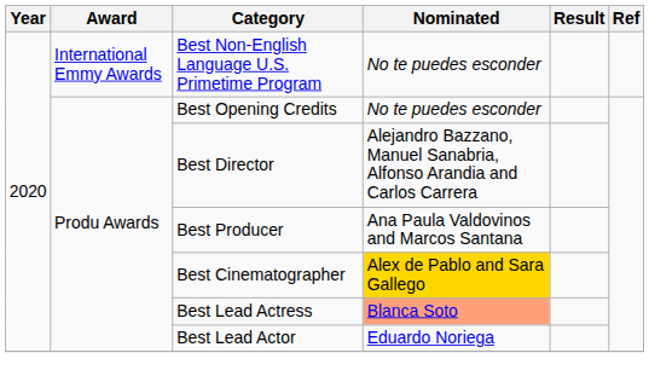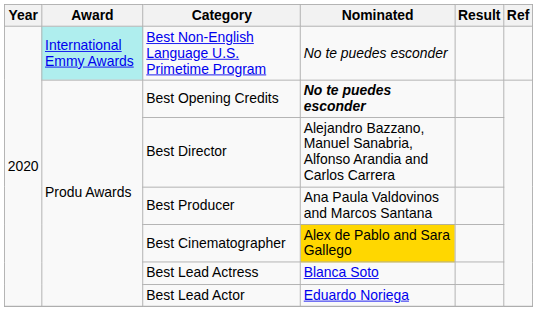 <table class="wikitable plainrowheaders">
 <tr>
 <th scope="col">Year</th>
 <th scope="col">Award</th>
 <th scope="col">Category</th>
 <th scope="col">Nominated</th>
 <th scope="col">Result</th>
 <th scope="col">Ref</th>
 </tr>
 <tr>
 <td rowspan="7">2020</td>
-<td><a href='#'>International Emmy Awards</a></td>
+<td style="background: paleturquoise;"><a href='#'>International Emmy Awards</a></td>
 <td><a href='#'>Best Non-English Language U.S. Primetime Program</a></td>
 <td><em>No te puedes esconder</em></td>
 <td></td>
 <td align="center"></td>
 </tr>
 <tr>
 <td rowspan="6">Produ Awards</td>
 <td>Best Opening Credits</td>
-<td><em>No te puedes esconder</em></td>
+<td><strong><em>No te puedes esconder</em></strong></td>
 <td></td>
 <td align="center" rowspan="6"></td>
 </tr>
 <tr>
 <td>Best Director</td>
 <td>Alejandro Bazzano, Manuel Sanabria, Alfonso Arandia and Carlos Carrera</td>
 <td></td>
 </tr>
 <tr>
 <td>Best Producer</td>
 <td>Ana Paula Valdovinos and Marcos Santana</td>
 <td></td>
 </tr>
 <tr>
 <td>Best Cinematographer</td>
 <td style="background: gold;">Alex de Pablo and Sara Gallego</td>
 <td></td>
 </tr>
 <tr>
 <td>Best Lead Actress</td>
-<td style="background: lightsalmon;"><a href='#'>Blanca Soto</a></td>
+<td><a href='#'>Blanca Soto</a></td>
 <td></td>
 </tr>
 <tr>
 <td>Best Lead Actor</td>
 <td><a href='#'>Eduardo Noriega</a></td>
 <td></td>
 </tr>
 <tr>
 </tr>
 </table>
